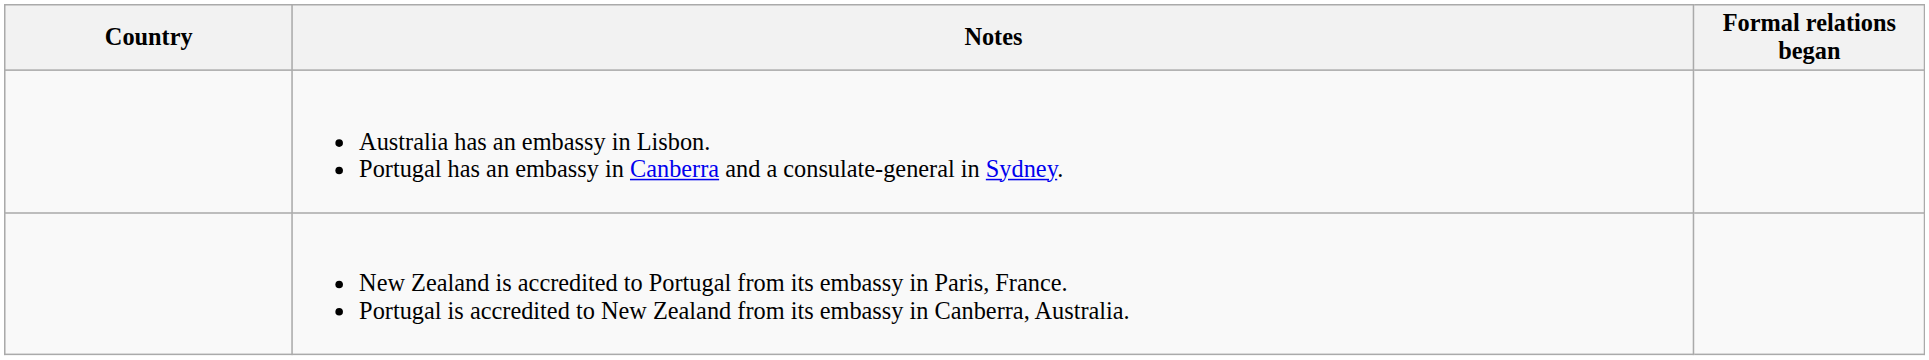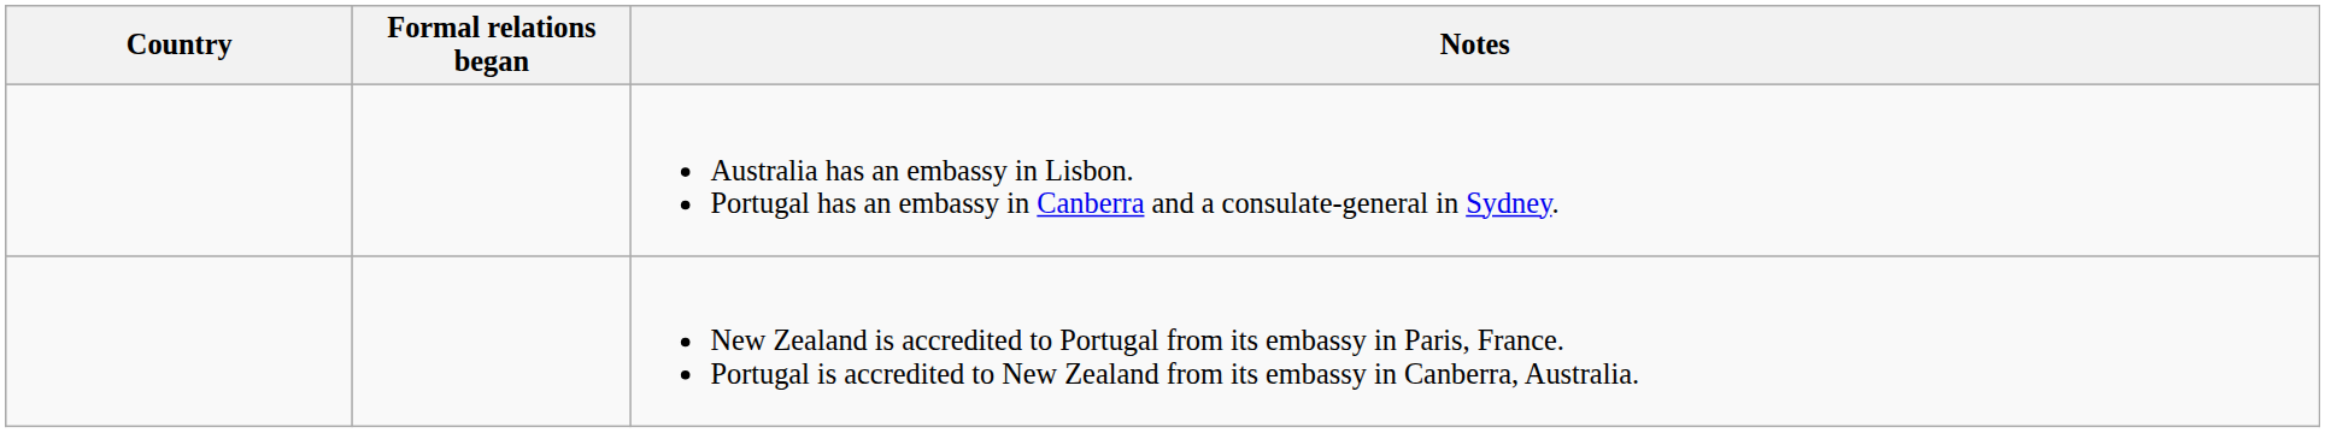 <table class="wikitable sortable" style="width:100%; margin:auto;">
 <tr>
 <th style="width:15%;">Country</th>
+<th style="width:12%;">Formal relations began</th>
 <th>Notes</th>
-<th style="width:12%;">Formal relations began</th>
 </tr>
 <tr valign="top">
 <td></td>
+<td></td>
 <td><br><ul><li>Australia has an embassy in Lisbon.</li><li>Portugal has an embassy in <a href='#'>Canberra</a> and a consulate-general in <a href='#'>Sydney</a>.</li></ul></td>
-<td></td>
 </tr>
 <tr valign="top">
 <td></td>
+<td></td>
 <td><br><ul><li>New Zealand is accredited to Portugal from its embassy in Paris, France.</li><li>Portugal is accredited to New Zealand from its embassy in Canberra, Australia.</li></ul></td>
-<td></td>
 </tr>
 </table>
